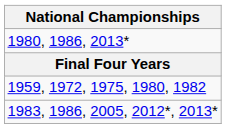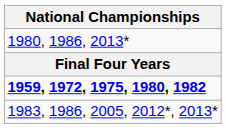 <table class="wikitable" style="float:right;">
 <tr>
 <th>National Championships</th>
 </tr>
 <tr>
 <td><a href='#'>1980</a>, <a href='#'>1986</a>, <a href='#'>2013</a>*</td>
 </tr>
 <tr>
 <th>Final Four Years</th>
 </tr>
 <tr>
-<td><a href='#'>1959</a>, <a href='#'>1972</a>, <a href='#'>1975</a>, <a href='#'>1980</a>, <a href='#'>1982</a></td>
+<td><strong><a href='#'>1959</a>, <a href='#'>1972</a>, <a href='#'>1975</a>, <a href='#'>1980</a>, <a href='#'>1982</a></strong></td>
 </tr>
 <tr>
 <td><a href='#'>1983</a>, <a href='#'>1986</a>, <a href='#'>2005</a>, <a href='#'>2012</a>*, <a href='#'>2013</a>*</td>
 </tr>
 </table>
